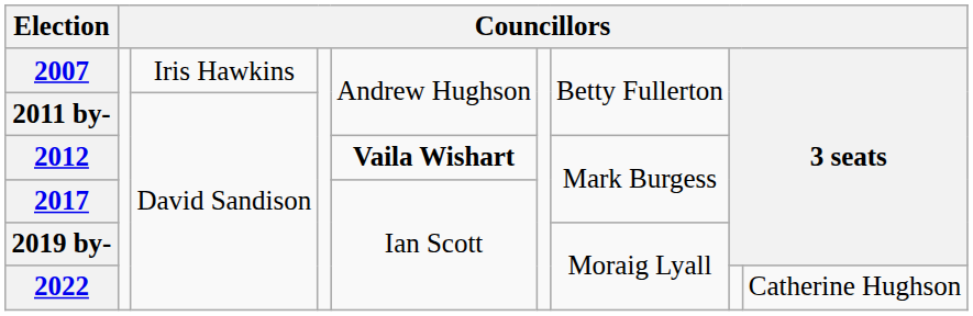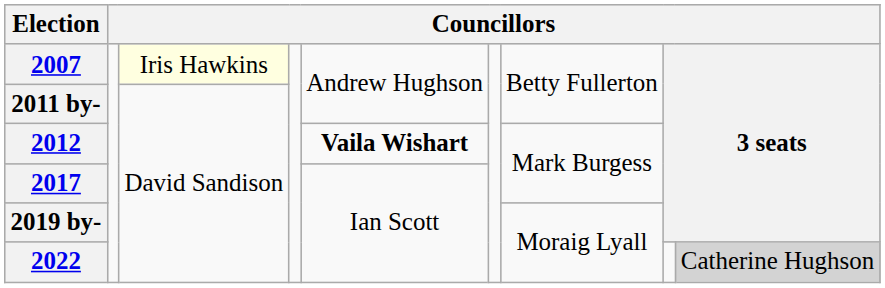 <table class="wikitable" style="text-align:center">
 <tr>
 <th>Election</th>
 <th colspan=8>Councillors</th>
 </tr>
 <tr>
 <th><a href='#'>2007</a></th>
 <td rowspan=6; style="background-color: "></td>
-<td rowspan=1>Iris Hawkins</td>
+<td rowspan=1 style="background: lightyellow;">Iris Hawkins</td>
 <td rowspan=6; style="background-color: "></td>
 <td rowspan=2>Andrew Hughson</td>
 <td rowspan=6; style="background-color: "></td>
 <td rowspan=2>Betty Fullerton</td>
 <th colspan=2; rowspan=5>3 seats</th>
 </tr>
 <tr>
 <th>2011 by-</th>
 <td rowspan=5>David Sandison</td>
 </tr>
 <tr>
 <th><a href='#'>2012</a></th>
 <td rowspan=1><strong>Vaila Wishart</strong></td>
 <td rowspan=2>Mark Burgess</td>
 </tr>
 <tr>
 <th><a href='#'>2017</a></th>
 <td rowspan=3>Ian Scott</td>
 </tr>
 <tr>
 <th>2019 by-</th>
 <td rowspan=2>Moraig Lyall</td>
 </tr>
 <tr>
 <th><a href='#'>2022</a></th>
 <td rowspan=1; style="background-color: "></td>
-<td>Catherine Hughson</td>
+<td style="background: lightgrey;">Catherine Hughson</td>
 </tr>
 </table>
